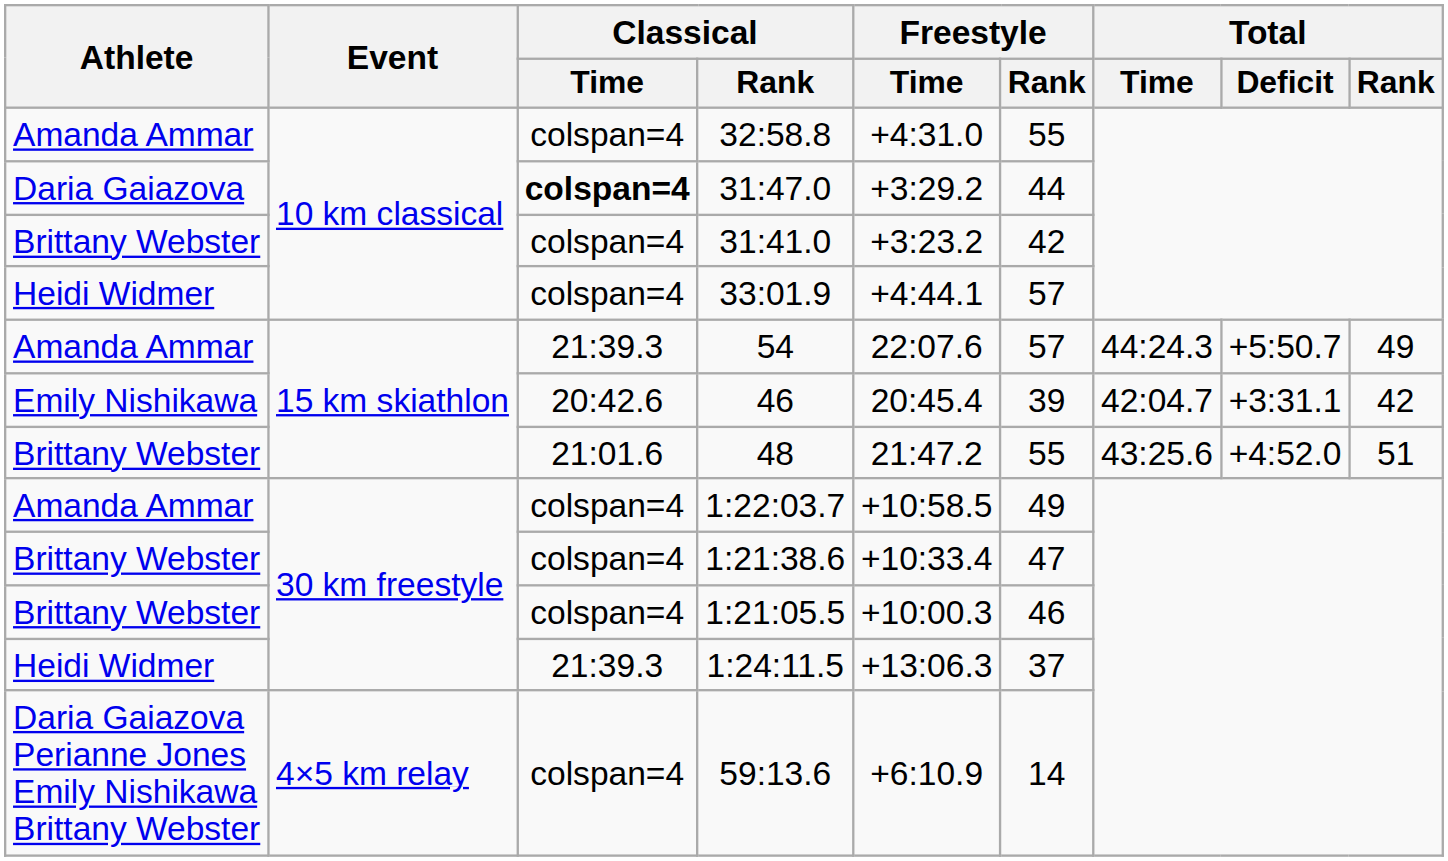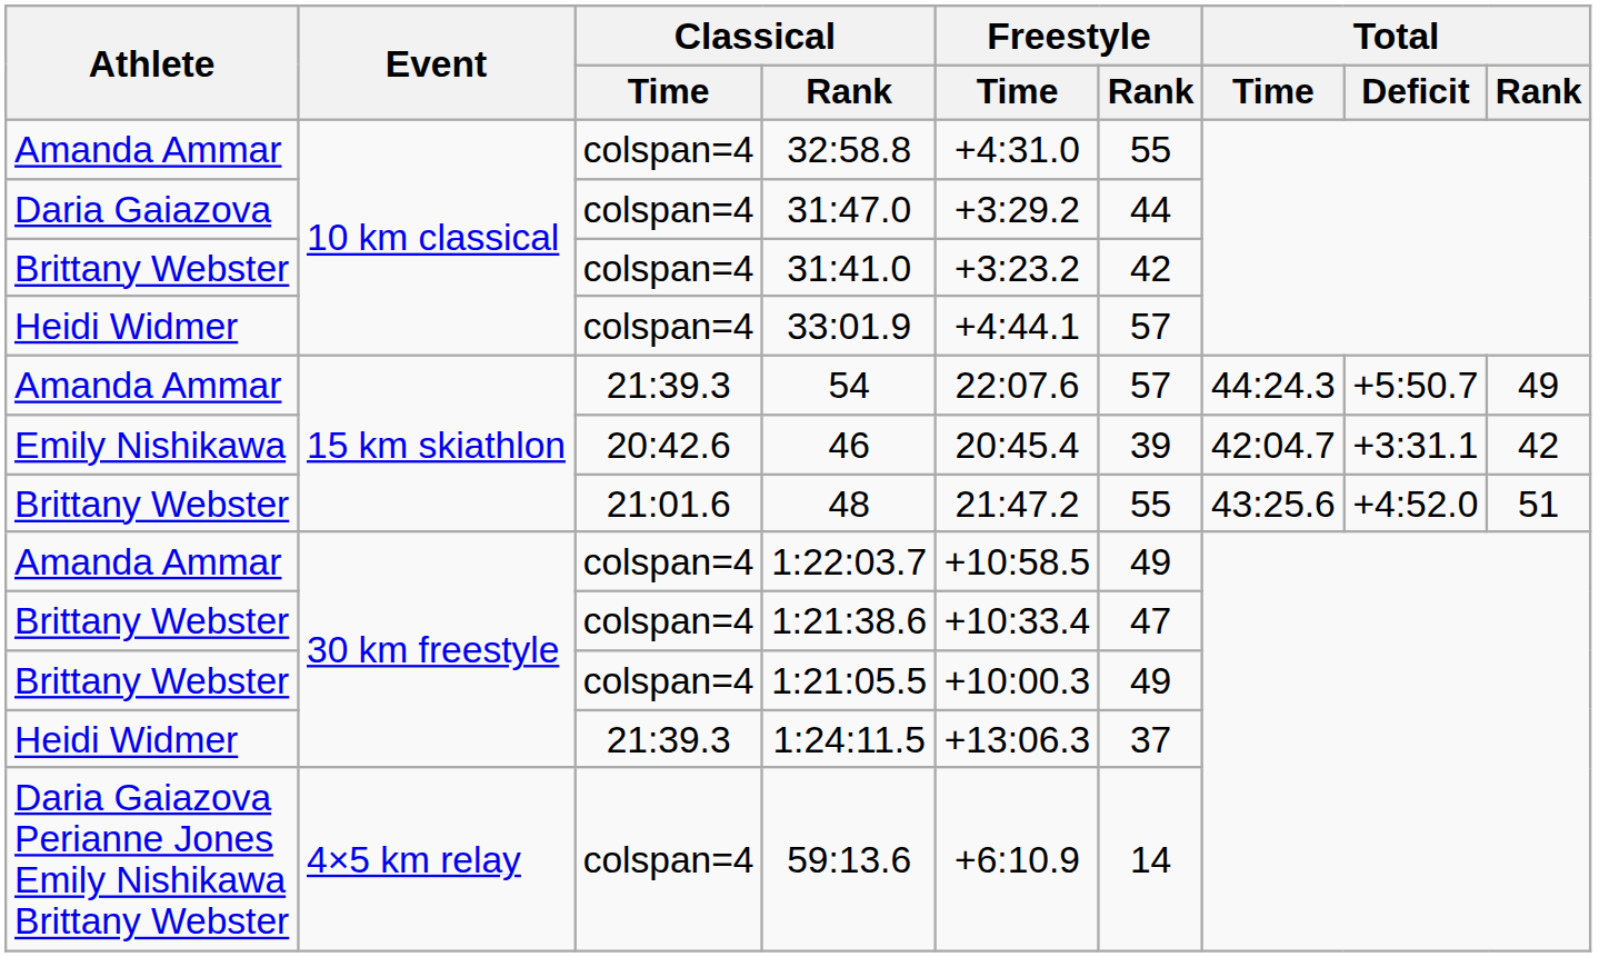 <table class="wikitable" style="font-size:90%">
 <tr>
 <th rowspan=2>Athlete</th>
 <th rowspan=2>Event</th>
 <th colspan=2>Classical</th>
 <th colspan=2>Freestyle</th>
 <th colspan=3>Total</th>
 </tr>
 <tr style="font-size: 95%">
 <th>Time</th>
 <th>Rank</th>
 <th>Time</th>
 <th>Rank</th>
 <th>Time</th>
 <th>Deficit</th>
 <th>Rank</th>
 </tr>
 <tr align=center>
 <td align=left><a href='#'>Amanda Ammar</a></td>
 <td align=left rowspan=4><a href='#'>10 km classical</a></td>
 <td>colspan=4 </td>
 <td>32:58.8</td>
 <td>+4:31.0</td>
 <td>55</td>
 </tr>
 <tr align=center>
 <td align=left><a href='#'>Daria Gaiazova</a></td>
-<td><strong>colspan=4 </strong></td>
+<td>colspan=4 </td>
 <td>31:47.0</td>
 <td>+3:29.2</td>
 <td>44</td>
 </tr>
 <tr align=center>
 <td align=left><a href='#'>Brittany Webster</a></td>
 <td>colspan=4 </td>
 <td>31:41.0</td>
 <td>+3:23.2</td>
 <td>42</td>
 </tr>
 <tr align=center>
 <td align=left><a href='#'>Heidi Widmer</a></td>
 <td>colspan=4 </td>
 <td>33:01.9</td>
 <td>+4:44.1</td>
 <td>57</td>
 </tr>
 <tr align=center>
 <td align=left><a href='#'>Amanda Ammar</a></td>
 <td align=left rowspan=3><a href='#'>15 km skiathlon</a></td>
 <td>21:39.3</td>
 <td>54</td>
 <td>22:07.6</td>
 <td>57</td>
 <td>44:24.3</td>
 <td>+5:50.7</td>
 <td>49</td>
 </tr>
 <tr align=center>
 <td align=left><a href='#'>Emily Nishikawa</a></td>
 <td>20:42.6</td>
 <td>46</td>
 <td>20:45.4</td>
 <td>39</td>
 <td>42:04.7</td>
 <td>+3:31.1</td>
 <td>42</td>
 </tr>
 <tr align=center>
 <td align=left><a href='#'>Brittany Webster</a></td>
 <td>21:01.6</td>
 <td>48</td>
 <td>21:47.2</td>
 <td>55</td>
 <td>43:25.6</td>
 <td>+4:52.0</td>
 <td>51</td>
 </tr>
 <tr align=center>
 <td align=left><a href='#'>Amanda Ammar</a></td>
 <td align=left rowspan=4><a href='#'>30 km freestyle</a></td>
 <td>colspan=4 </td>
 <td>1:22:03.7</td>
 <td>+10:58.5</td>
 <td>49</td>
 </tr>
 <tr align=center>
 <td align=left><a href='#'>Brittany Webster</a></td>
 <td>colspan=4 </td>
 <td>1:21:38.6</td>
 <td>+10:33.4</td>
 <td>47</td>
 </tr>
 <tr align=center>
 <td align=left><a href='#'>Brittany Webster</a></td>
 <td>colspan=4 </td>
 <td>1:21:05.5</td>
 <td>+10:00.3</td>
-<td>46</td>
+<td>49</td>
 </tr>
 <tr align=center>
 <td align=left><a href='#'>Heidi Widmer</a></td>
 <td>21:39.3</td>
 <td>1:24:11.5</td>
 <td>+13:06.3</td>
 <td>37</td>
 </tr>
 <tr align=center>
 <td align=left><a href='#'>Daria Gaiazova</a><br><a href='#'>Perianne Jones</a><br><a href='#'>Emily Nishikawa</a><br><a href='#'>Brittany Webster</a></td>
 <td align=left><a href='#'>4×5 km relay</a></td>
 <td>colspan=4 </td>
 <td>59:13.6</td>
 <td>+6:10.9</td>
 <td>14</td>
 </tr>
 </table>
